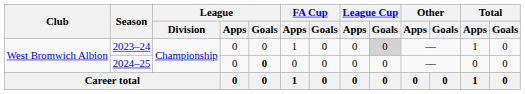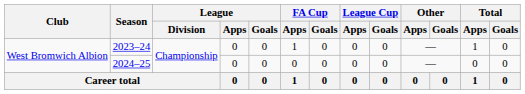 <table class="wikitable" style="text-align: center">
 <tr>
 <th rowspan="2">Club</th>
 <th rowspan="2">Season</th>
 <th colspan="3">League</th>
 <th colspan="2"><a href='#'>FA Cup</a></th>
 <th colspan="2"><a href='#'>League Cup</a></th>
 <th colspan="2">Other</th>
 <th colspan="2">Total</th>
 </tr>
 <tr>
 <th>Division</th>
 <th>Apps</th>
 <th>Goals</th>
 <th>Apps</th>
 <th>Goals</th>
 <th>Apps</th>
 <th>Goals</th>
 <th>Apps</th>
 <th>Goals</th>
 <th>Apps</th>
 <th>Goals</th>
 </tr>
 <tr>
 <td rowspan=2><a href='#'>West Bromwich Albion</a></td>
 <td><a href='#'>2023–24</a></td>
 <td rowspan=2><a href='#'>Championship</a></td>
 <td>0</td>
 <td>0</td>
 <td>1</td>
 <td>0</td>
 <td>0</td>
-<td style="background: lightgrey;">0</td>
+<td>0</td>
 <td colspan=2>—</td>
 <td>1</td>
 <td>0</td>
 </tr>
 <tr>
 <td><a href='#'>2024–25</a></td>
 <td>0</td>
-<td><strong>0</strong></td>
+<td>0</td>
 <td>0</td>
 <td>0</td>
 <td>0</td>
 <td>0</td>
 <td colspan=2>—</td>
 <td>0</td>
 <td>0</td>
 </tr>
 <tr>
 <th colspan="3">Career total</th>
 <th>0</th>
 <th>0</th>
 <th>1</th>
 <th>0</th>
 <th>0</th>
 <th>0</th>
 <th>0</th>
 <th>0</th>
 <th>1</th>
 <th>0</th>
 </tr>
 </table>
